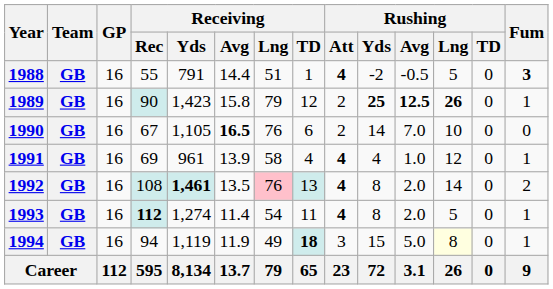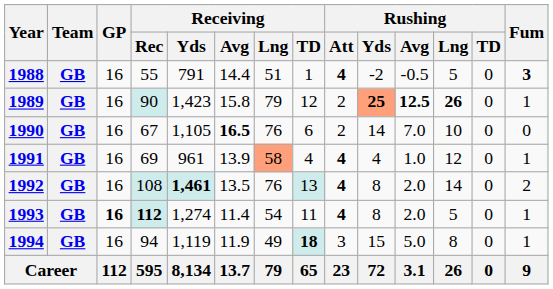 <table class="wikitable" style="text-align:center;">
 <tr>
 <th rowspan="2">Year</th>
 <th rowspan="2">Team</th>
 <th rowspan="2">GP</th>
 <th colspan="5">Receiving</th>
 <th colspan="5">Rushing</th>
 <th rowspan="2">Fum</th>
 </tr>
 <tr>
 <th>Rec</th>
 <th>Yds</th>
 <th>Avg</th>
 <th>Lng</th>
 <th>TD</th>
 <th>Att</th>
 <th>Yds</th>
 <th>Avg</th>
 <th>Lng</th>
 <th>TD</th>
 </tr>
 <tr>
 <th><a href='#'>1988</a></th>
 <th><a href='#'>GB</a></th>
 <td>16</td>
 <td>55</td>
 <td>791</td>
 <td>14.4</td>
 <td>51</td>
 <td>1</td>
 <td><strong>4</strong></td>
 <td>-2</td>
 <td>-0.5</td>
 <td>5</td>
 <td>0</td>
 <td><strong>3</strong></td>
 </tr>
 <tr>
 <th><a href='#'>1989</a></th>
 <th><a href='#'>GB</a></th>
 <td>16</td>
 <td style="background:#cfecec;">90</td>
 <td>1,423</td>
 <td>15.8</td>
 <td>79</td>
 <td>12</td>
 <td>2</td>
-<td><strong>25</strong></td>
+<td style="background: lightsalmon;"><strong>25</strong></td>
 <td><strong>12.5</strong></td>
 <td><strong>26</strong></td>
 <td>0</td>
 <td>1</td>
 </tr>
 <tr>
 <th><a href='#'>1990</a></th>
 <th><a href='#'>GB</a></th>
 <td>16</td>
 <td>67</td>
 <td>1,105</td>
 <td><strong>16.5</strong></td>
 <td>76</td>
 <td>6</td>
 <td>2</td>
 <td>14</td>
 <td>7.0</td>
 <td>10</td>
 <td>0</td>
 <td>0</td>
 </tr>
 <tr>
 <th><a href='#'>1991</a></th>
 <th><a href='#'>GB</a></th>
 <td>16</td>
 <td>69</td>
 <td>961</td>
 <td>13.9</td>
-<td>58</td>
+<td style="background: lightsalmon;">58</td>
 <td>4</td>
 <td><strong>4</strong></td>
 <td>4</td>
 <td>1.0</td>
 <td>12</td>
 <td>0</td>
 <td>1</td>
 </tr>
 <tr>
 <th><a href='#'>1992</a></th>
 <th><a href='#'>GB</a></th>
 <td>16</td>
 <td style="background:#cfecec;">108</td>
 <td style="background:#cfecec;"><strong>1,461</strong></td>
 <td>13.5</td>
-<td style="background: pink;">76</td>
+<td>76</td>
 <td style="background:#cfecec;">13</td>
 <td><strong>4</strong></td>
 <td>8</td>
 <td>2.0</td>
 <td>14</td>
 <td>0</td>
 <td>2</td>
 </tr>
 <tr>
 <th><a href='#'>1993</a></th>
 <th><a href='#'>GB</a></th>
-<td>16</td>
+<td><strong>16</strong></td>
 <td style="background:#cfecec;"><strong>112</strong></td>
 <td>1,274</td>
 <td>11.4</td>
 <td>54</td>
 <td>11</td>
 <td><strong>4</strong></td>
 <td>8</td>
 <td>2.0</td>
 <td>5</td>
 <td>0</td>
 <td>1</td>
 </tr>
 <tr>
 <th><a href='#'>1994</a></th>
 <th><a href='#'>GB</a></th>
 <td>16</td>
 <td>94</td>
 <td>1,119</td>
 <td>11.9</td>
 <td>49</td>
 <td style="background:#cfecec;"><strong>18</strong></td>
 <td>3</td>
 <td>15</td>
 <td>5.0</td>
-<td style="background: lightyellow;">8</td>
+<td>8</td>
 <td>0</td>
 <td>1</td>
 </tr>
 <tr>
 <th colspan="2">Career</th>
 <th>112</th>
 <th>595</th>
 <th>8,134</th>
 <th>13.7</th>
 <th>79</th>
 <th>65</th>
 <th>23</th>
 <th>72</th>
 <th>3.1</th>
 <th>26</th>
 <th>0</th>
 <th>9</th>
 </tr>
 </table>
